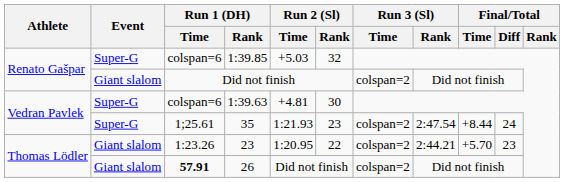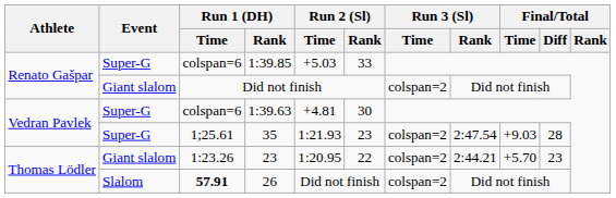 <table class="wikitable" style="font-size:90%">
 <tr>
 <th rowspan="2">Athlete</th>
 <th rowspan="2">Event</th>
 <th colspan="2">Run 1 (DH)</th>
 <th colspan="2">Run 2 (Sl)</th>
 <th colspan="2">Run 3 (Sl)</th>
 <th colspan="3">Final/Total</th>
 </tr>
 <tr>
 <th>Time</th>
 <th>Rank</th>
 <th>Time</th>
 <th>Rank</th>
 <th>Time</th>
 <th>Rank</th>
 <th>Time</th>
 <th>Diff</th>
 <th>Rank</th>
 </tr>
 <tr align="center">
 <td align="left" rowspan=2><a href='#'>Renato Gašpar</a></td>
 <td align="left"><a href='#'>Super-G</a></td>
 <td>colspan=6 </td>
 <td>1:39.85</td>
 <td>+5.03</td>
-<td>32</td>
+<td>33</td>
 </tr>
 <tr align="center">
 <td align="left"><a href='#'>Giant slalom</a></td>
 <td colspan=4>Did not finish</td>
 <td>colspan=2 </td>
 <td colspan=3>Did not finish</td>
 </tr>
 <tr align="center">
 <td align="left" rowspan=2><a href='#'>Vedran Pavlek</a></td>
 <td align="left"><a href='#'>Super-G</a></td>
 <td>colspan=6 </td>
 <td>1:39.63</td>
 <td>+4.81</td>
 <td>30</td>
 </tr>
 <tr align="center">
 <td align="left"><a href='#'>Super-G</a></td>
 <td>1;25.61</td>
 <td>35</td>
 <td>1:21.93</td>
 <td>23</td>
 <td>colspan=2 </td>
 <td>2:47.54</td>
-<td>+8.44</td>
-<td>24</td>
+<td>+9.03</td>
+<td>28</td>
 </tr>
 <tr align="center">
 <td align="left" rowspan=2><a href='#'>Thomas Lödler</a></td>
 <td align="left"><a href='#'>Giant slalom</a></td>
 <td>1:23.26</td>
 <td>23</td>
 <td>1:20.95</td>
 <td>22</td>
 <td>colspan=2 </td>
 <td>2:44.21</td>
 <td>+5.70</td>
 <td>23</td>
 </tr>
 <tr align="center">
-<td align="left"><a href='#'>Giant slalom</a></td>
+<td align="left"><a href='#'>Slalom</a></td>
 <td><strong>57.91</strong></td>
 <td>26</td>
 <td colspan=2>Did not finish</td>
 <td>colspan=2 </td>
 <td colspan=3>Did not finish</td>
 </tr>
 </table>
